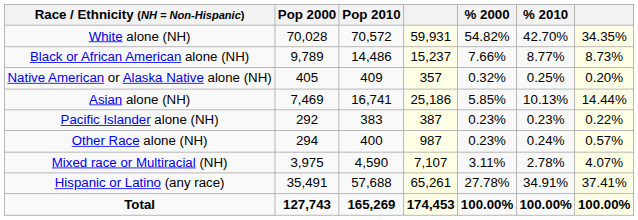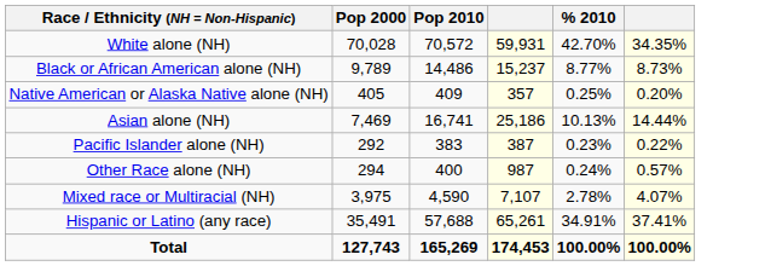 <table class="wikitable" style="text-align:center;">
 <tr>
 <th>Race / Ethnicity <small>(<em>NH = Non-Hispanic</em>)</small></th>
 <th>Pop 2000</th>
 <th>Pop 2010</th>
 <th></th>
-<th>% 2000</th>
 <th>% 2010</th>
 <th></th>
 </tr>
 <tr>
 <td><a href='#'>White</a> alone (NH)</td>
 <td>70,028</td>
 <td>70,572</td>
 <td style='background: #ffffe6;'>59,931</td>
-<td>54.82%</td>
 <td>42.70%</td>
 <td style='background: #ffffe6;'>34.35%</td>
 </tr>
 <tr>
 <td><a href='#'>Black or African American</a> alone (NH)</td>
 <td>9,789</td>
 <td>14,486</td>
 <td style='background: #ffffe6;'>15,237</td>
-<td>7.66%</td>
 <td>8.77%</td>
 <td style='background: #ffffe6;'>8.73%</td>
 </tr>
 <tr>
 <td><a href='#'>Native American</a> or <a href='#'>Alaska Native</a> alone (NH)</td>
 <td>405</td>
 <td>409</td>
 <td style='background: #ffffe6;'>357</td>
-<td>0.32%</td>
 <td>0.25%</td>
 <td style='background: #ffffe6;'>0.20%</td>
 </tr>
 <tr>
 <td><a href='#'>Asian</a> alone (NH)</td>
 <td>7,469</td>
 <td>16,741</td>
 <td style='background: #ffffe6;'>25,186</td>
-<td>5.85%</td>
 <td>10.13%</td>
 <td style='background: #ffffe6;'>14.44%</td>
 </tr>
 <tr>
 <td><a href='#'>Pacific Islander</a> alone (NH)</td>
 <td>292</td>
 <td>383</td>
 <td style='background: #ffffe6;'>387</td>
 <td>0.23%</td>
-<td>0.23%</td>
 <td style='background: #ffffe6;'>0.22%</td>
 </tr>
 <tr>
 <td><a href='#'>Other Race</a> alone (NH)</td>
 <td>294</td>
 <td>400</td>
 <td style='background: #ffffe6;'>987</td>
-<td>0.23%</td>
 <td>0.24%</td>
 <td style='background: #ffffe6;'>0.57%</td>
 </tr>
 <tr>
 <td><a href='#'>Mixed race or Multiracial</a> (NH)</td>
 <td>3,975</td>
 <td>4,590</td>
 <td style='background: #ffffe6;'>7,107</td>
-<td>3.11%</td>
 <td>2.78%</td>
 <td style='background: #ffffe6;'>4.07%</td>
 </tr>
 <tr>
 <td><a href='#'>Hispanic or Latino</a> (any race)</td>
 <td>35,491</td>
 <td>57,688</td>
 <td style='background: #ffffe6;'>65,261</td>
-<td>27.78%</td>
 <td>34.91%</td>
 <td style='background: #ffffe6;'>37.41%</td>
 </tr>
 <tr>
 <td><strong>Total</strong></td>
 <td><strong>127,743</strong></td>
 <td><strong>165,269</strong></td>
 <td style='background: #ffffe6;'><strong>174,453</strong></td>
 <td><strong>100.00%</strong></td>
-<td><strong>100.00%</strong></td>
 <td style='background: #ffffe6;'><strong>100.00%</strong></td>
 </tr>
 </table>
